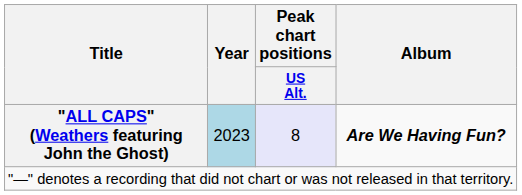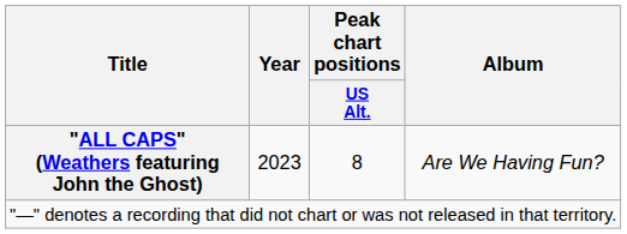 <table class="wikitable plainrowheaders" style="text-align:center;" border="1">
 <tr>
 <th scope="col" rowspan="2" style="width:12em;">Title</th>
 <th scope="col" rowspan="2">Year</th>
 <th scope="col" colspan="1">Peak chart positions</th>
 <th scope="col" rowspan="2">Album</th>
 </tr>
 <tr>
 <th scope="col" style="width:3em;font-size:85%;"><a href='#'>US<br>Alt.</a><br></th>
 </tr>
 <tr>
 <th scope="row">"<a href='#'>ALL CAPS</a>"<br><span>(<a href='#'>Weathers</a> featuring John the Ghost)</span></th>
-<td style="background: lightblue;">2023</td>
-<td style="background: lavender;">8</td>
-<td><strong><em>Are We Having Fun?</em></strong></td>
+<td>2023</td>
+<td>8</td>
+<td><em>Are We Having Fun?</em></td>
 </tr>
 <tr>
 <td colspan="8" style="font-size:90%">"—" denotes a recording that did not chart or was not released in that territory.</td>
 </tr>
 </table>
